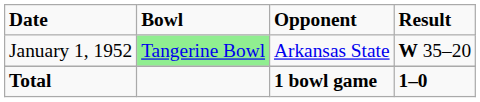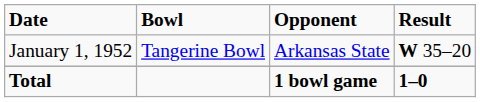 <table class="wikitable">
 <tr>
 <td><strong>Date</strong></td>
 <td><strong>Bowl</strong></td>
 <td><strong>Opponent</strong></td>
 <td><strong>Result</strong></td>
 </tr>
 <tr align=center>
 <td>January 1, 1952</td>
-<td style="background: lightgreen;"><a href='#'>Tangerine Bowl</a></td>
+<td><a href='#'>Tangerine Bowl</a></td>
 <td><a href='#'>Arkansas State</a></td>
 <td><strong>W</strong> 35–20</td>
 </tr>
 <tr align=center>
 </tr>
 <tr>
 <td><strong>Total</strong></td>
 <td></td>
 <td><strong>1 bowl game</strong></td>
 <td><strong>1–0</strong></td>
 </tr>
 </table>
